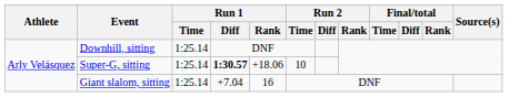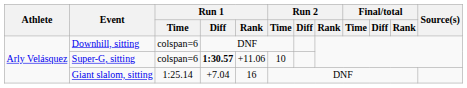 <table class="wikitable" style="font-size:100%">
 <tr>
 <th rowspan="2">Athlete</th>
 <th rowspan="2">Event</th>
 <th colspan="3">Run 1</th>
 <th colspan="3">Run 2</th>
 <th colspan="3">Final/total</th>
 <th rowspan="2">Source(s)</th>
 </tr>
 <tr>
 <th>Time</th>
 <th>Diff</th>
 <th>Rank</th>
 <th>Time</th>
 <th>Diff</th>
 <th>Rank</th>
 <th>Time</th>
 <th>Diff</th>
 <th>Rank</th>
 </tr>
 <tr>
 <td rowspan=3><a href='#'>Arly Velásquez</a></td>
 <td><a href='#'>Downhill, sitting</a></td>
-<td align="center">1:25.14</td>
+<td>colspan=6 </td>
 <td align="center" colspan=3>DNF</td>
 <td></td>
 </tr>
 <tr>
 <td><a href='#'>Super-G, sitting</a></td>
-<td align="center">1:25.14</td>
+<td>colspan=6 </td>
 <td align="center"><strong>1:30.57</strong></td>
-<td align="center">+18.06</td>
+<td align="center">+11.06</td>
 <td align="center">10</td>
 <td></td>
 </tr>
 <tr>
 <td><a href='#'>Giant slalom, sitting</a></td>
 <td align="center">1:25.14</td>
 <td align="center">+7.04</td>
 <td align="center">16</td>
 <td align="center" colspan=6>DNF</td>
 <td></td>
 </tr>
 </table>
